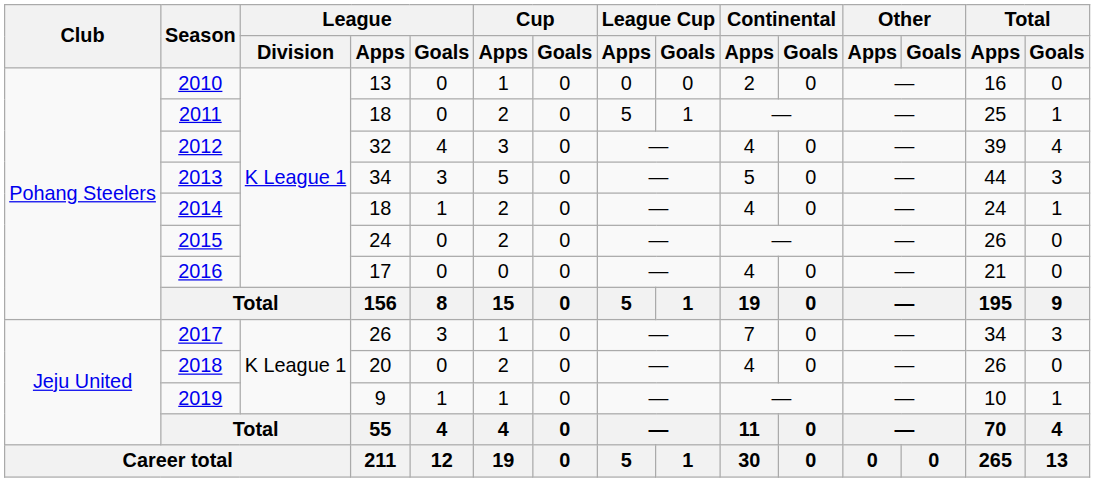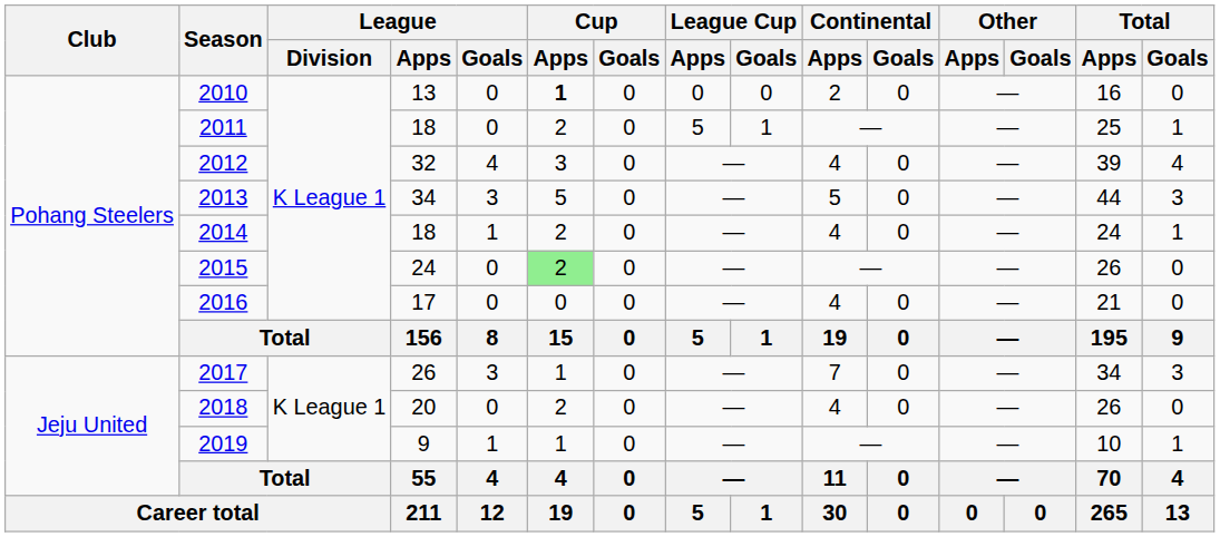 <table class="wikitable" style="text-align:center">
 <tr>
 <th rowspan=2>Club</th>
 <th rowspan=2>Season</th>
 <th colspan=3>League</th>
 <th colspan=2>Cup</th>
 <th colspan=2>League Cup</th>
 <th colspan=2>Continental</th>
 <th colspan=2>Other</th>
 <th colspan=2>Total</th>
 </tr>
 <tr>
 <th>Division</th>
 <th>Apps</th>
 <th>Goals</th>
 <th>Apps</th>
 <th>Goals</th>
 <th>Apps</th>
 <th>Goals</th>
 <th>Apps</th>
 <th>Goals</th>
 <th>Apps</th>
 <th>Goals</th>
 <th>Apps</th>
 <th>Goals</th>
 </tr>
 <tr>
 <td rowspan=8><a href='#'>Pohang Steelers</a></td>
 <td><a href='#'>2010</a></td>
 <td rowspan=7><a href='#'>K League 1</a></td>
 <td>13</td>
 <td>0</td>
-<td>1</td>
+<td><strong>1</strong></td>
 <td>0</td>
 <td>0</td>
 <td>0</td>
 <td>2</td>
 <td>0</td>
 <td colspan="2">—</td>
 <td>16</td>
 <td>0</td>
 </tr>
 <tr>
 <td><a href='#'>2011</a></td>
 <td>18</td>
 <td>0</td>
 <td>2</td>
 <td>0</td>
 <td>5</td>
 <td>1</td>
 <td colspan="2">—</td>
 <td colspan="2">—</td>
 <td>25</td>
 <td>1</td>
 </tr>
 <tr>
 <td><a href='#'>2012</a></td>
 <td>32</td>
 <td>4</td>
 <td>3</td>
 <td>0</td>
 <td colspan="2">—</td>
 <td>4</td>
 <td>0</td>
 <td colspan="2">—</td>
 <td>39</td>
 <td>4</td>
 </tr>
 <tr>
 <td><a href='#'>2013</a></td>
 <td>34</td>
 <td>3</td>
 <td>5</td>
 <td>0</td>
 <td colspan="2">—</td>
 <td>5</td>
 <td>0</td>
 <td colspan="2">—</td>
 <td>44</td>
 <td>3</td>
 </tr>
 <tr>
 <td><a href='#'>2014</a></td>
 <td>18</td>
 <td>1</td>
 <td>2</td>
 <td>0</td>
 <td colspan="2">—</td>
 <td>4</td>
 <td>0</td>
 <td colspan="2">—</td>
 <td>24</td>
 <td>1</td>
 </tr>
 <tr>
 <td><a href='#'>2015</a></td>
 <td>24</td>
 <td>0</td>
-<td>2</td>
+<td style="background: lightgreen;">2</td>
 <td>0</td>
 <td colspan="2">—</td>
 <td colspan="2">—</td>
 <td colspan="2">—</td>
 <td>26</td>
 <td>0</td>
 </tr>
 <tr>
 <td><a href='#'>2016</a></td>
 <td>17</td>
 <td>0</td>
 <td>0</td>
 <td>0</td>
 <td colspan="2">—</td>
 <td>4</td>
 <td>0</td>
 <td colspan="2">—</td>
 <td>21</td>
 <td>0</td>
 </tr>
 <tr>
 <th colspan=2>Total</th>
 <th>156</th>
 <th>8</th>
 <th>15</th>
 <th>0</th>
 <th>5</th>
 <th>1</th>
 <th>19</th>
 <th>0</th>
 <th colspan="2">—</th>
 <th>195</th>
 <th>9</th>
 </tr>
 <tr>
 <td rowspan=4><a href='#'>Jeju United</a></td>
 <td><a href='#'>2017</a></td>
 <td rowspan=3>K League 1</td>
 <td>26</td>
 <td>3</td>
 <td>1</td>
 <td>0</td>
 <td colspan="2">—</td>
 <td>7</td>
 <td>0</td>
 <td colspan="2">—</td>
 <td>34</td>
 <td>3</td>
 </tr>
 <tr>
 <td><a href='#'>2018</a></td>
 <td>20</td>
 <td>0</td>
 <td>2</td>
 <td>0</td>
 <td colspan="2">—</td>
 <td>4</td>
 <td>0</td>
 <td colspan="2">—</td>
 <td>26</td>
 <td>0</td>
 </tr>
 <tr>
 <td><a href='#'>2019</a></td>
 <td>9</td>
 <td>1</td>
 <td>1</td>
 <td>0</td>
 <td colspan="2">—</td>
 <td colspan="2">—</td>
 <td colspan="2">—</td>
 <td>10</td>
 <td>1</td>
 </tr>
 <tr>
 <th colspan=2>Total</th>
 <th>55</th>
 <th>4</th>
 <th>4</th>
 <th>0</th>
 <th colspan="2">—</th>
 <th>11</th>
 <th>0</th>
 <th colspan="2">—</th>
 <th>70</th>
 <th>4</th>
 </tr>
 <tr>
 <th colspan=3>Career total</th>
 <th>211</th>
 <th>12</th>
 <th>19</th>
 <th>0</th>
 <th>5</th>
 <th>1</th>
 <th>30</th>
 <th>0</th>
 <th>0</th>
 <th>0</th>
 <th>265</th>
 <th>13</th>
 </tr>
 </table>
